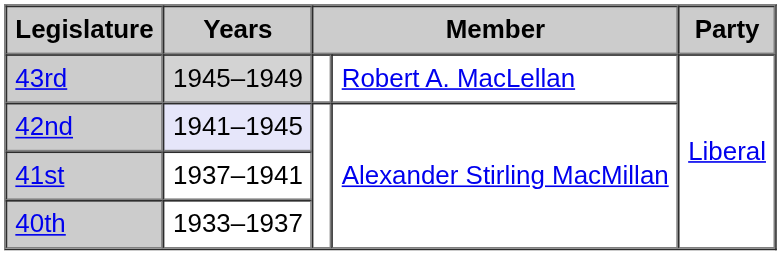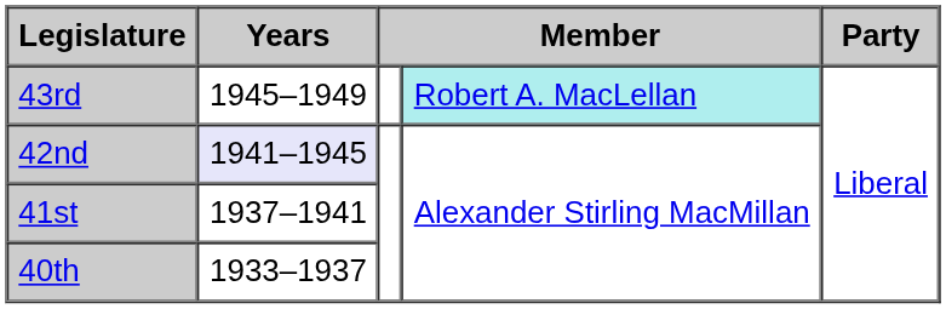 <table border=1 cellpadding=5 cellspacing=0>
 <tr bgcolor="CCCCCC">
 <th>Legislature</th>
 <th>Years</th>
 <th colspan="2">Member</th>
 <th>Party</th>
 </tr>
 <tr>
 <td bgcolor="CCCCCC"><a href='#'>43rd</a></td>
-<td style="background: lightgrey;">1945–1949</td>
+<td>1945–1949</td>
 <td></td>
-<td><a href='#'>Robert A. MacLellan</a></td>
+<td style="background: paleturquoise;"><a href='#'>Robert A. MacLellan</a></td>
 <td rowspan="4"><a href='#'>Liberal</a></td>
 </tr>
 <tr>
 <td bgcolor="CCCCCC"><a href='#'>42nd</a></td>
 <td style="background: lavender;">1941–1945</td>
 <td rowspan="3" ></td>
 <td rowspan="3"><a href='#'>Alexander Stirling MacMillan</a></td>
 </tr>
 <tr>
 <td bgcolor="CCCCCC"><a href='#'>41st</a></td>
 <td>1937–1941</td>
 </tr>
 <tr>
 <td bgcolor="CCCCCC"><a href='#'>40th</a></td>
 <td>1933–1937</td>
 </tr>
 </table>
